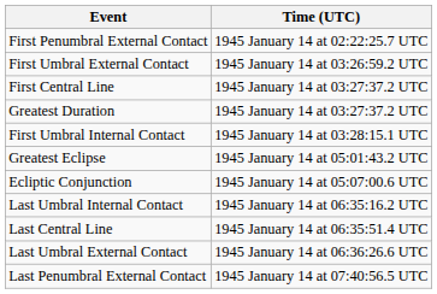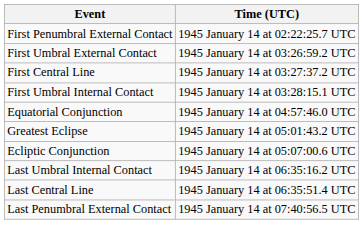 <table class="wikitable">
 <tr>
 <th>Event</th>
 <th>Time (UTC)</th>
 </tr>
 <tr>
 <td>First Penumbral External Contact</td>
 <td>1945 January 14 at 02:22:25.7 UTC</td>
 </tr>
 <tr>
 <td>First Umbral External Contact</td>
 <td>1945 January 14 at 03:26:59.2 UTC</td>
 </tr>
 <tr>
 <td>First Central Line</td>
 <td>1945 January 14 at 03:27:37.2 UTC</td>
 </tr>
 <tr>
-<td>Greatest Duration</td>
-<td>1945 January 14 at 03:27:37.2 UTC</td>
+<td>First Umbral Internal Contact</td>
+<td>1945 January 14 at 03:28:15.1 UTC</td>
 </tr>
 <tr>
-<td>First Umbral Internal Contact</td>
-<td>1945 January 14 at 03:28:15.1 UTC</td>
+<td>Equatorial Conjunction</td>
+<td>1945 January 14 at 04:57:46.0 UTC</td>
 </tr>
 <tr>
 <td>Greatest Eclipse</td>
 <td>1945 January 14 at 05:01:43.2 UTC</td>
 </tr>
 <tr>
 <td>Ecliptic Conjunction</td>
 <td>1945 January 14 at 05:07:00.6 UTC</td>
 </tr>
 <tr>
 <td>Last Umbral Internal Contact</td>
 <td>1945 January 14 at 06:35:16.2 UTC</td>
 </tr>
 <tr>
 <td>Last Central Line</td>
 <td>1945 January 14 at 06:35:51.4 UTC</td>
 </tr>
 <tr>
-<td>Last Umbral External Contact</td>
-<td>1945 January 14 at 06:36:26.6 UTC</td>
-</tr>
-<tr>
 <td>Last Penumbral External Contact</td>
 <td>1945 January 14 at 07:40:56.5 UTC</td>
 </tr>
 </table>
